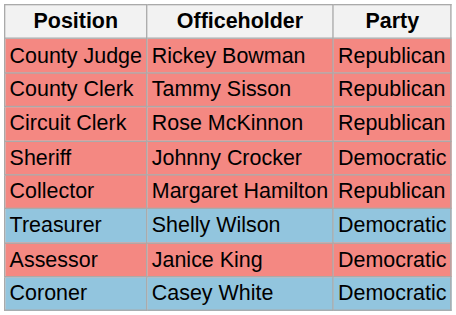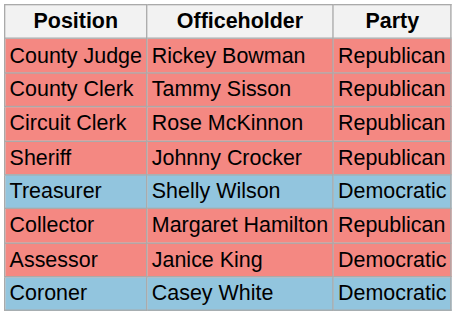 <table class="wikitable mw-collapsible">
 <tr>
 <th>Position</th>
 <th>Officeholder</th>
 <th>Party</th>
 </tr>
 <tr style="background-color:#F48882;">
 <td>County Judge</td>
 <td>Rickey Bowman</td>
 <td>Republican</td>
 </tr>
 <tr style="background-color:#F48882;">
 <td>County Clerk</td>
 <td>Tammy Sisson</td>
 <td>Republican</td>
 </tr>
 <tr style="background-color:#F48882;">
 <td>Circuit Clerk</td>
 <td>Rose McKinnon</td>
 <td>Republican</td>
 </tr>
 <tr style="background-color:#F48882;">
 <td>Sheriff</td>
 <td>Johnny Crocker</td>
+<td>Republican</td>
+</tr>
+<tr style="background-color:#92C5DE;">
+<td>Treasurer</td>
+<td>Shelly Wilson</td>
 <td>Democratic</td>
 </tr>
 <tr style="background-color:#F48882;">
 <td>Collector</td>
 <td>Margaret Hamilton</td>
 <td>Republican</td>
-</tr>
-<tr style="background-color:#92C5DE;">
-<td>Treasurer</td>
-<td>Shelly Wilson</td>
-<td>Democratic</td>
 </tr>
 <tr style="background-color:#F48882;">
 <td>Assessor</td>
 <td>Janice King</td>
 <td>Democratic</td>
 </tr>
 <tr style="background-color:#92C5DE;">
 <td>Coroner</td>
 <td>Casey White</td>
 <td>Democratic</td>
 </tr>
 </table>
